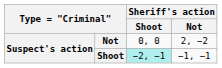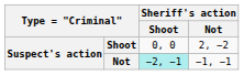 <table class="wikitable" style="text-align:center">
 <tr>
 <th colspan="2" rowspan="2">Type = "Criminal"</th>
 <th colspan="2">Sheriff's action</th>
 </tr>
 <tr>
 <th>Shoot</th>
 <th>Not</th>
 </tr>
 <tr>
 <th rowspan="2">Suspect's action</th>
-<th>Not</th>
+<th>Shoot</th>
 <td>0, 0</td>
 <td>2, −2</td>
 </tr>
 <tr>
-<th>Shoot</th>
+<th>Not</th>
 <td style="background: paleturquoise;">−2, −1</td>
 <td>−1, −1</td>
 </tr>
 </table>
